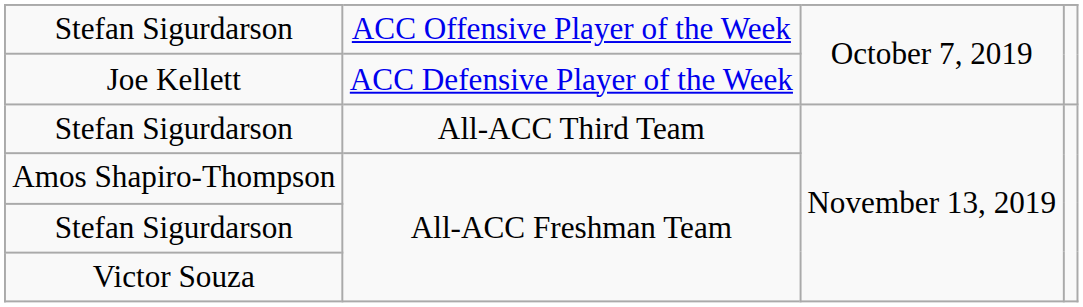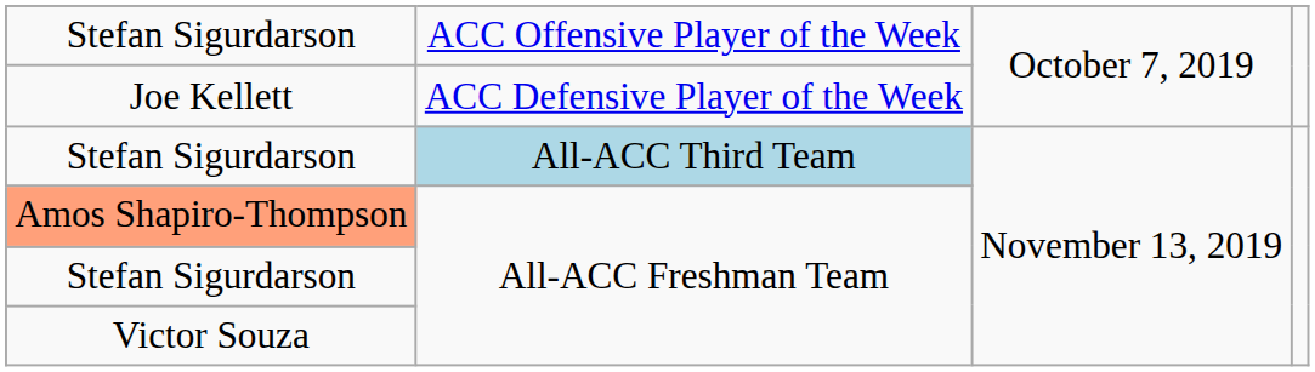 <table class="wikitable sortable" style="text-align: center">
 <tr>
 <td>Stefan Sigurdarson</td>
 <td><a href='#'>ACC Offensive Player of the Week</a></td>
 <td rowspan=2>October 7, 2019</td>
 <td rowspan=2></td>
 </tr>
 <tr>
 <td>Joe Kellett</td>
 <td><a href='#'>ACC Defensive Player of the Week</a></td>
 </tr>
 <tr>
 <td>Stefan Sigurdarson</td>
-<td>All-ACC Third Team</td>
+<td style="background: lightblue;">All-ACC Third Team</td>
 <td rowspan=4>November 13, 2019</td>
 <td rowspan=4></td>
 </tr>
 <tr>
-<td>Amos Shapiro-Thompson</td>
+<td style="background: lightsalmon;">Amos Shapiro-Thompson</td>
 <td rowspan=3>All-ACC Freshman Team</td>
 </tr>
 <tr>
 <td>Stefan Sigurdarson</td>
 </tr>
 <tr>
 <td>Victor Souza</td>
 </tr>
 </table>
